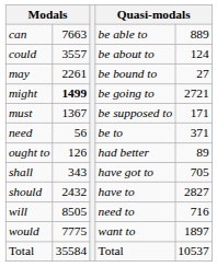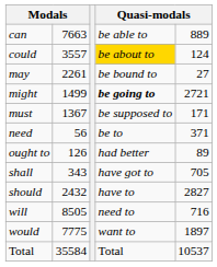 <table class="wikitable" | style="margin-left: auto; margin-right: auto; border: none;">
 <tr>
 <th colspan="2">Modals</th>
 <th rowspan="13"></th>
 <th colspan="2">Quasi-modals</th>
 </tr>
 <tr>
 <td><em>can</em></td>
 <td style="text-align:right;">7663</td>
 <td><em>be able to</em></td>
 <td style="text-align:right;">889</td>
 </tr>
 <tr>
 <td><em>could</em></td>
 <td style="text-align:right;">3557</td>
-<td><em>be about to</em></td>
+<td style="background: gold;"><em>be about to</em></td>
 <td style="text-align:right;">124</td>
 </tr>
 <tr>
 <td><em>may</em></td>
 <td style="text-align:right;">2261</td>
 <td><em>be bound to</em></td>
 <td style="text-align:right;">27</td>
 </tr>
 <tr>
 <td><em>might</em></td>
-<td style="text-align:right;"><strong>1499</strong></td>
-<td><em>be going to</em></td>
+<td style="text-align:right;">1499</td>
+<td><strong><em>be going to</em></strong></td>
 <td style="text-align:right;">2721</td>
 </tr>
 <tr>
 <td><em>must</em></td>
 <td style="text-align:right;">1367</td>
 <td><em>be supposed to</em></td>
 <td style="text-align:right;">171</td>
 </tr>
 <tr>
 <td><em>need</em></td>
 <td style="text-align:right;">56</td>
 <td><em>be to</em></td>
 <td style="text-align:right;">371</td>
 </tr>
 <tr>
 <td><em>ought to</em></td>
 <td style="text-align:right;">126</td>
 <td><em>had better</em></td>
 <td style="text-align:right;">89</td>
 </tr>
 <tr>
 <td><em>shall</em></td>
 <td style="text-align:right;">343</td>
 <td><em>have got to</em></td>
 <td style="text-align:right;">705</td>
 </tr>
 <tr>
 <td><em>should</em></td>
 <td style="text-align:right;">2432</td>
 <td><em>have to</em></td>
 <td style="text-align:right;">2827</td>
 </tr>
 <tr>
 <td><em>will</em></td>
 <td style="text-align:right;">8505</td>
 <td><em>need to</em></td>
 <td style="text-align:right;">716</td>
 </tr>
 <tr>
 <td><em>would</em></td>
 <td style="text-align:right;">7775</td>
 <td><em>want to</em></td>
 <td style="text-align:right;">1897</td>
 </tr>
 <tr>
 <td>Total</td>
 <td style="text-align:right;">35584</td>
 <td>Total</td>
 <td style="text-align:right;">10537</td>
 </tr>
 <tr>
 </tr>
 </table>
